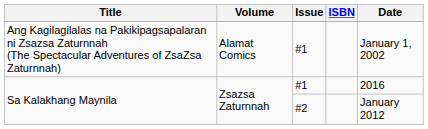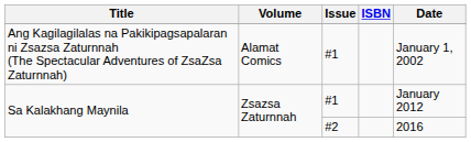 <table class="wikitable sortable">
 <tr>
 <th>Title</th>
 <th>Volume</th>
 <th>Issue</th>
 <th><a href='#'>ISBN</a></th>
 <th>Date</th>
 </tr>
 <tr>
 </tr>
 <tr>
 <td>Ang Kagilagilalas na Pakikipagsapalaran ni Zsazsa Zaturnnah<br>(The Spectacular Adventures of ZsaZsa Zaturnnah)</td>
 <td>Alamat Comics</td>
 <td>#1</td>
 <td></td>
 <td>January 1, 2002</td>
 </tr>
 <tr>
 <td rowspan=2>Sa Kalakhang Maynila</td>
 <td rowspan=2>Zsazsa Zaturnnah</td>
 <td>#1</td>
 <td></td>
-<td>2016</td>
+<td>January 2012</td>
 </tr>
 <tr>
 <td>#2</td>
 <td></td>
-<td>January 2012</td>
+<td>2016</td>
 </tr>
 </table>
